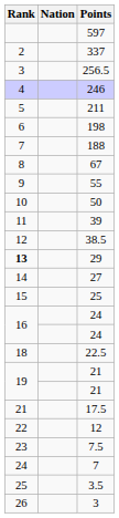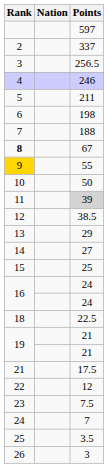 <table class="wikitable sortable" style="text-align:center">
 <tr>
 <th>Rank</th>
 <th>Nation</th>
 <th>Points</th>
 </tr>
 <tr>
 <td></td>
 <td align=left></td>
 <td>597</td>
 </tr>
 <tr>
 <td>2</td>
 <td align=left></td>
 <td>337</td>
 </tr>
 <tr>
 <td>3</td>
 <td align=left></td>
 <td>256.5</td>
 </tr>
 <tr style="background:#ccf;">
 <td>4</td>
 <td align=left></td>
 <td>246</td>
 </tr>
 <tr>
 <td>5</td>
 <td align=left></td>
 <td>211</td>
 </tr>
 <tr>
 <td>6</td>
 <td align=left></td>
 <td>198</td>
 </tr>
 <tr>
 <td>7</td>
 <td align=left></td>
 <td>188</td>
 </tr>
 <tr>
-<td>8</td>
+<td><strong>8</strong></td>
 <td align=left></td>
 <td>67</td>
 </tr>
 <tr>
-<td>9</td>
+<td style="background: gold;">9</td>
 <td align=left></td>
 <td>55</td>
 </tr>
 <tr>
 <td>10</td>
 <td align=left></td>
 <td>50</td>
 </tr>
 <tr>
 <td>11</td>
 <td align=left></td>
-<td>39</td>
+<td style="background: lightgrey;">39</td>
 </tr>
 <tr>
 <td>12</td>
 <td align=left></td>
 <td>38.5</td>
 </tr>
 <tr>
-<td><strong>13</strong></td>
+<td>13</td>
 <td align=left></td>
 <td>29</td>
 </tr>
 <tr>
 <td>14</td>
 <td align=left></td>
 <td>27</td>
 </tr>
 <tr>
 <td>15</td>
 <td align=left></td>
 <td>25</td>
 </tr>
 <tr>
 <td rowspan="2">16</td>
 <td align=left></td>
 <td>24</td>
 </tr>
 <tr>
 <td align=left></td>
 <td>24</td>
 </tr>
 <tr>
 <td>18</td>
 <td align=left></td>
 <td>22.5</td>
 </tr>
 <tr>
 <td rowspan="2">19</td>
 <td align=left></td>
 <td>21</td>
 </tr>
 <tr>
 <td align=left></td>
 <td>21</td>
 </tr>
 <tr>
 <td>21</td>
 <td align=left></td>
 <td>17.5</td>
 </tr>
 <tr>
 <td>22</td>
 <td align=left></td>
 <td>12</td>
 </tr>
 <tr>
 <td>23</td>
 <td align=left></td>
 <td>7.5</td>
 </tr>
 <tr>
 <td>24</td>
 <td align=left></td>
 <td>7</td>
 </tr>
 <tr>
 <td>25</td>
 <td align=left></td>
 <td>3.5</td>
 </tr>
 <tr>
 <td>26</td>
 <td align=left></td>
 <td>3</td>
 </tr>
 </table>
